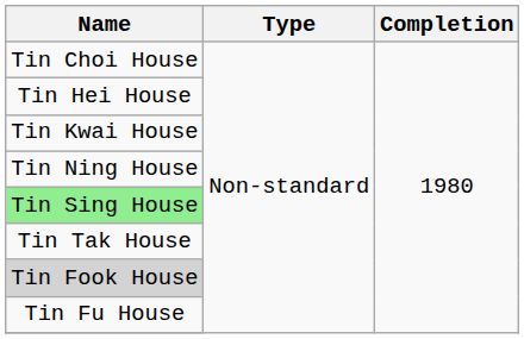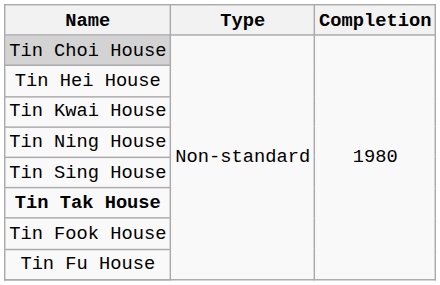 <table class="wikitable" style="text-align: center">
 <tr>
 <th>Name</th>
 <th>Type</th>
 <th>Completion</th>
 </tr>
 <tr>
-<td>Tin Choi House</td>
+<td style="background: lightgrey;">Tin Choi House</td>
 <td rowspan="9">Non-standard</td>
 <td rowspan="9">1980</td>
 </tr>
 <tr>
 <td>Tin Hei House</td>
 </tr>
 <tr>
 <td>Tin Kwai House</td>
 </tr>
 <tr>
 <td>Tin Ning House</td>
 </tr>
 <tr>
-<td style="background: lightgreen;">Tin Sing House</td>
+<td>Tin Sing House</td>
 </tr>
 <tr>
-<td>Tin Tak House</td>
+<td><strong>Tin Tak House</strong></td>
 </tr>
 <tr>
-<td style="background: lightgrey;">Tin Fook House</td>
+<td>Tin Fook House</td>
 </tr>
 <tr>
 <td>Tin Fu House</td>
 </tr>
 <tr>
 </tr>
 </table>
